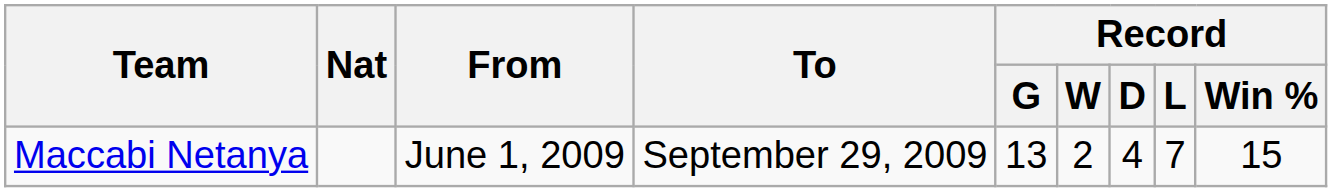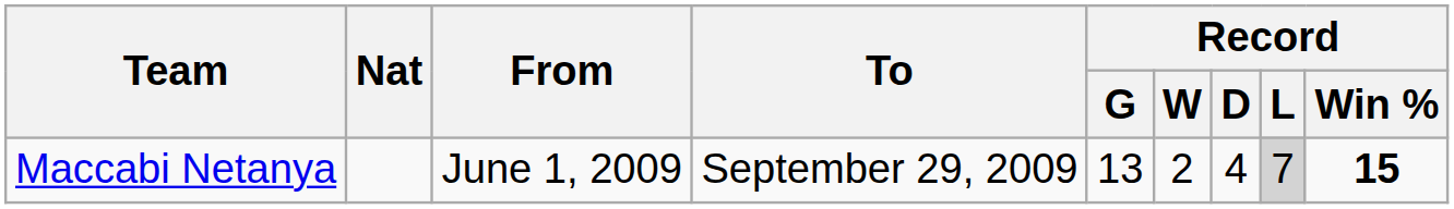 <table class="wikitable" style="text-align: center">
 <tr>
 <th rowspan="2">Team</th>
 <th rowspan="2">Nat</th>
 <th rowspan="2">From</th>
 <th rowspan="2">To</th>
 <th colspan="5">Record</th>
 </tr>
 <tr>
 <th>G</th>
 <th>W</th>
 <th>D</th>
 <th>L</th>
 <th>Win %</th>
 </tr>
 <tr>
 <td align=left><a href='#'>Maccabi Netanya</a></td>
 <td></td>
 <td align=left>June 1, 2009</td>
 <td align=left>September 29, 2009</td>
 <td>13</td>
 <td>2</td>
 <td>4</td>
-<td>7</td>
-<td>15</td>
+<td style="background: lightgrey;">7</td>
+<td><strong>15</strong></td>
 </tr>
 </table>
